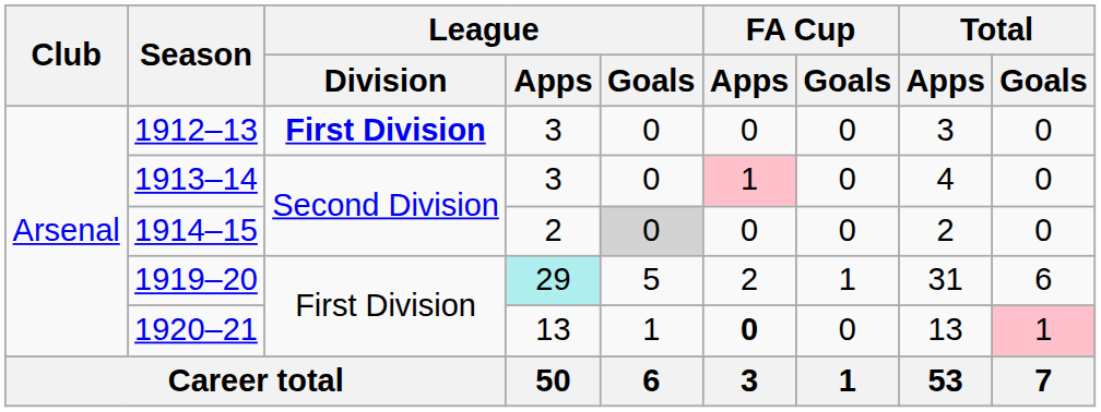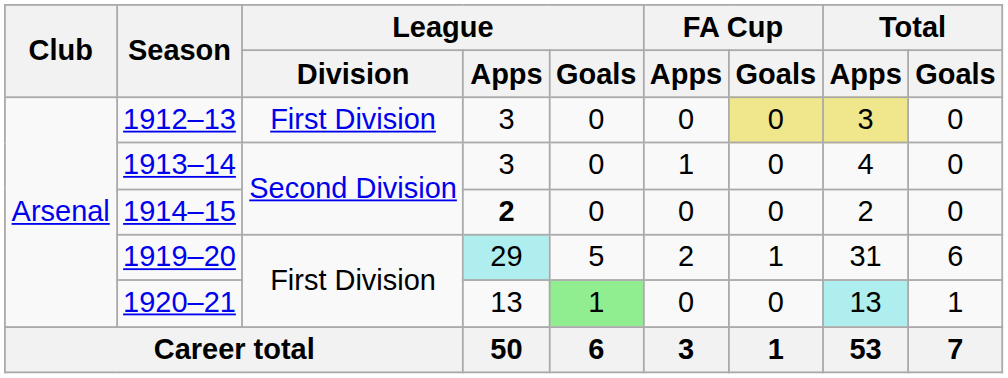 <table class="wikitable" style="text-align: center;">
 <tr>
 <th rowspan="2">Club</th>
 <th rowspan="2">Season</th>
 <th colspan="3">League</th>
 <th colspan="2">FA Cup</th>
 <th colspan="2">Total</th>
 </tr>
 <tr>
 <th>Division</th>
 <th>Apps</th>
 <th>Goals</th>
 <th>Apps</th>
 <th>Goals</th>
 <th>Apps</th>
 <th>Goals</th>
 </tr>
 <tr>
 <td rowspan="5"><a href='#'>Arsenal</a></td>
 <td><a href='#'>1912–13</a></td>
-<td><strong><a href='#'>First Division</a></strong></td>
+<td><a href='#'>First Division</a></td>
 <td>3</td>
 <td>0</td>
 <td>0</td>
-<td>0</td>
-<td>3</td>
+<td style="background: khaki;">0</td>
+<td style="background: khaki;">3</td>
 <td>0</td>
 </tr>
 <tr>
 <td><a href='#'>1913–14</a></td>
 <td rowspan="2"><a href='#'>Second Division</a></td>
 <td>3</td>
 <td>0</td>
-<td style="background: pink;">1</td>
+<td>1</td>
 <td>0</td>
 <td>4</td>
 <td>0</td>
 </tr>
 <tr>
 <td><a href='#'>1914–15</a></td>
-<td>2</td>
-<td style="background: lightgrey;">0</td>
+<td><strong>2</strong></td>
+<td>0</td>
 <td>0</td>
 <td>0</td>
 <td>2</td>
 <td>0</td>
 </tr>
 <tr>
 <td><a href='#'>1919–20</a></td>
 <td rowspan="2">First Division</td>
 <td style="background: paleturquoise;">29</td>
 <td>5</td>
 <td>2</td>
 <td>1</td>
 <td>31</td>
 <td>6</td>
 </tr>
 <tr>
 <td><a href='#'>1920–21</a></td>
 <td>13</td>
+<td style="background: lightgreen;">1</td>
+<td>0</td>
+<td>0</td>
+<td style="background: paleturquoise;">13</td>
 <td>1</td>
-<td><strong>0</strong></td>
-<td>0</td>
-<td>13</td>
-<td style="background: pink;">1</td>
 </tr>
 <tr>
 <th colspan="3">Career total</th>
 <th>50</th>
 <th>6</th>
 <th>3</th>
 <th>1</th>
 <th>53</th>
 <th>7</th>
 </tr>
 </table>
